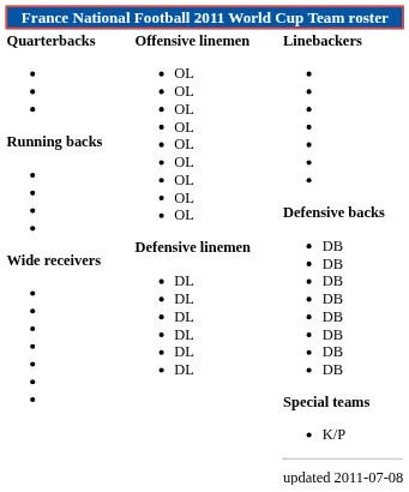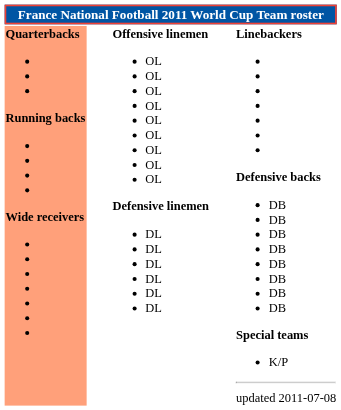 <table class="toccolours" style="text-align: left;">
 <tr>
 <th colspan="7" style="background-color: #0055A4; border:2px solid #EF4135;color:white;text-align:center;">France National Football 2011 World Cup Team roster</th>
 </tr>
 <tr>
-<td style="font-size: 95%;vertical-align:top;"><strong>Quarterbacks</strong><br><ul><li></li><li></li><li></li></ul><strong>Running backs</strong><ul><li></li><li></li><li></li><li></li></ul><strong>Wide receivers</strong><ul><li></li><li></li><li></li><li></li><li></li><li></li><li></li></ul></td>
+<td style="background: lightsalmon; font-size: 95%;vertical-align:top;"><strong>Quarterbacks</strong><br><ul><li></li><li></li><li></li></ul><strong>Running backs</strong><ul><li></li><li></li><li></li><li></li></ul><strong>Wide receivers</strong><ul><li></li><li></li><li></li><li></li><li></li><li></li><li></li></ul></td>
 <td style="width: 25px;"></td>
 <td style="font-size: 95%;vertical-align:top;"><strong>Offensive linemen</strong><br><ul><li> OL</li><li> OL</li><li> OL</li><li> OL</li><li> OL</li><li> OL</li><li> OL</li><li> OL</li><li> OL</li></ul><strong>Defensive linemen</strong><ul><li> DL</li><li> DL</li><li> DL</li><li> DL</li><li> DL</li><li> DL</li></ul></td>
 <td style="width: 25px;"></td>
 <td style="font-size: 95%;vertical-align:top;"><strong>Linebackers </strong><br><ul><li></li><li></li><li></li><li></li><li></li><li></li><li></li></ul><strong>Defensive backs</strong><ul><li> DB</li><li> DB</li><li> DB</li><li> DB</li><li> DB</li><li> DB</li><li> DB</li><li> DB</li></ul><strong>Special teams</strong><ul><li> K/P</li></ul><hr> <span></span> updated 2011-07-08<br></td>
 </tr>
 <tr>
 </tr>
 </table>
